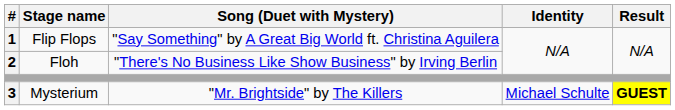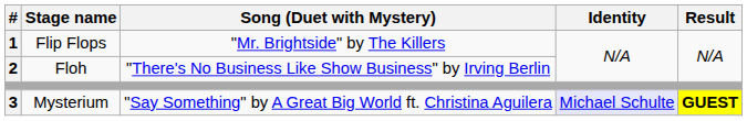 <table class="wikitable plainrowheaders" style="text-align: center;">
 <tr>
 <th>#</th>
 <th>Stage name</th>
 <th>Song (Duet with Mystery)</th>
 <th>Identity</th>
 <th>Result</th>
 </tr>
 <tr>
 <th>1</th>
 <td>Flip Flops</td>
-<td>"<a href='#'>Say Something</a>" by <a href='#'>A Great Big World</a> ft. <a href='#'>Christina Aguilera</a></td>
+<td>"<a href='#'>Mr. Brightside</a>" by <a href='#'>The Killers</a></td>
 <td rowspan="2"><em>N/A</em></td>
 <td rowspan="2"><em>N/A</em></td>
 </tr>
 <tr>
 <th>2</th>
 <td>Floh</td>
 <td>"<a href='#'>There's No Business Like Show Business</a>" by <a href='#'>Irving Berlin</a></td>
 </tr>
 <tr>
 <td colspan="5" style="background:darkgray"></td>
 </tr>
 <tr>
 <th>3</th>
 <td>Mysterium</td>
-<td>"<a href='#'>Mr. Brightside</a>" by <a href='#'>The Killers</a></td>
-<td><a href='#'>Michael Schulte</a></td>
+<td>"<a href='#'>Say Something</a>" by <a href='#'>A Great Big World</a> ft. <a href='#'>Christina Aguilera</a></td>
+<td style="background: lavender;"><a href='#'>Michael Schulte</a></td>
 <td bgcolor=yellow><strong>GUEST</strong></td>
 </tr>
 </table>
